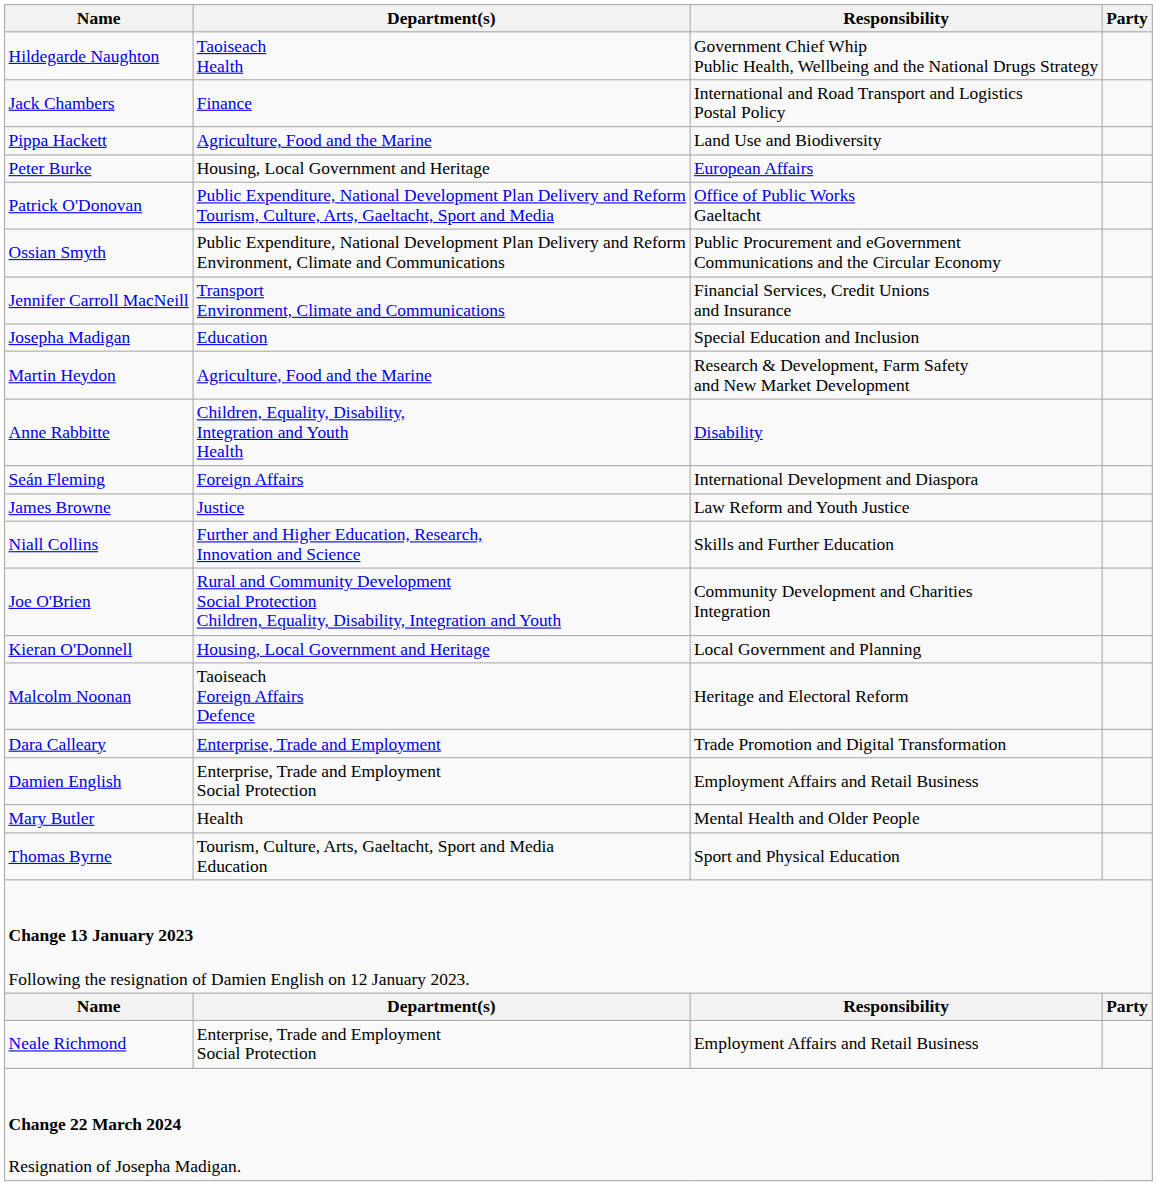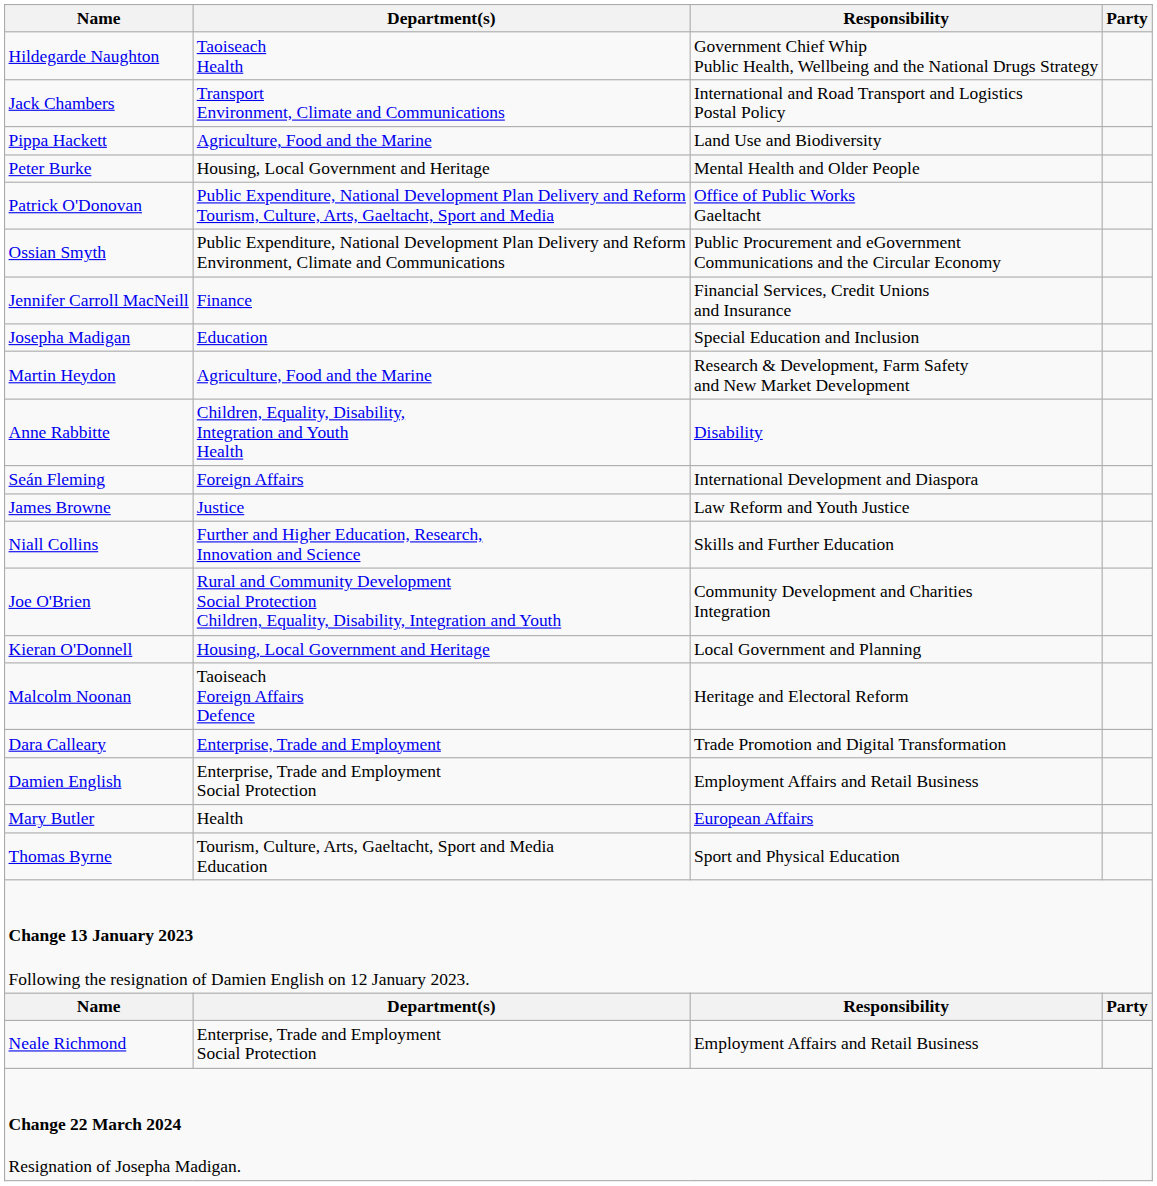 <table class="wikitable">
 <tr>
 <th>Name</th>
 <th>Department(s)</th>
 <th>Responsibility</th>
 <th colspan="2">Party</th>
 </tr>
 <tr>
 <td><a href='#'>Hildegarde Naughton</a><br></td>
 <td><a href='#'>Taoiseach</a><br><a href='#'>Health</a></td>
 <td>Government Chief Whip<br>Public Health, Wellbeing and the National Drugs Strategy</td>
 <td></td>
 </tr>
 <tr>
 <td><a href='#'>Jack Chambers</a><br></td>
-<td><a href='#'>Finance</a></td>
+<td><a href='#'>Transport</a><br><a href='#'>Environment, Climate and Communications</a></td>
 <td>International and Road Transport and Logistics<br>Postal Policy</td>
 <td></td>
 </tr>
 <tr>
 <td><a href='#'>Pippa Hackett</a><br></td>
 <td><a href='#'>Agriculture, Food and the Marine</a></td>
 <td>Land Use and Biodiversity</td>
 <td></td>
 </tr>
 <tr>
 <td><a href='#'>Peter Burke</a></td>
 <td>Housing, Local Government and Heritage</td>
-<td><a href='#'>European Affairs</a></td>
+<td>Mental Health and Older People</td>
 <td></td>
 </tr>
 <tr>
 <td><a href='#'>Patrick O'Donovan</a></td>
 <td><a href='#'>Public Expenditure, National Development Plan Delivery and Reform</a><br><a href='#'>Tourism, Culture, Arts, Gaeltacht, Sport and Media</a></td>
 <td><a href='#'>Office of Public Works</a><br>Gaeltacht</td>
 <td></td>
 </tr>
 <tr>
 <td><a href='#'>Ossian Smyth</a></td>
 <td>Public Expenditure, National Development Plan Delivery and Reform<br>Environment, Climate and Communications</td>
 <td>Public Procurement and eGovernment<br>Communications and the Circular Economy</td>
 <td></td>
 </tr>
 <tr>
 <td><a href='#'>Jennifer Carroll MacNeill</a></td>
-<td><a href='#'>Transport</a><br><a href='#'>Environment, Climate and Communications</a></td>
+<td><a href='#'>Finance</a></td>
 <td>Financial Services, Credit Unions<br>and Insurance</td>
 <td></td>
 </tr>
 <tr>
 <td><a href='#'>Josepha Madigan</a></td>
 <td><a href='#'>Education</a></td>
 <td>Special Education and Inclusion</td>
 <td></td>
 </tr>
 <tr>
 <td><a href='#'>Martin Heydon</a></td>
 <td><a href='#'>Agriculture, Food and the Marine</a></td>
 <td>Research & Development, Farm Safety<br>and New Market Development</td>
 <td></td>
 </tr>
 <tr>
 <td><a href='#'>Anne Rabbitte</a></td>
 <td><a href='#'>Children, Equality, Disability,<br>Integration and Youth</a><br><a href='#'>Health</a></td>
 <td><a href='#'>Disability</a></td>
 <td></td>
 </tr>
 <tr>
 <td><a href='#'>Seán Fleming</a></td>
 <td><a href='#'>Foreign Affairs</a></td>
 <td>International Development and Diaspora</td>
 <td></td>
 </tr>
 <tr>
 <td><a href='#'>James Browne</a></td>
 <td><a href='#'>Justice</a></td>
 <td>Law Reform and Youth Justice</td>
 <td></td>
 </tr>
 <tr>
 <td><a href='#'>Niall Collins</a></td>
 <td><a href='#'>Further and Higher Education, Research,<br>Innovation and Science</a></td>
 <td>Skills and Further Education</td>
 <td></td>
 </tr>
 <tr>
 <td><a href='#'>Joe O'Brien</a></td>
 <td><a href='#'>Rural and Community Development</a><br><a href='#'>Social Protection</a><br><a href='#'>Children, Equality, Disability, Integration and Youth</a></td>
 <td>Community Development and Charities<br>Integration</td>
 <td></td>
 </tr>
 <tr>
 <td><a href='#'>Kieran O'Donnell</a></td>
 <td><a href='#'>Housing, Local Government and Heritage</a></td>
 <td>Local Government and Planning</td>
 <td></td>
 </tr>
 <tr>
 <td><a href='#'>Malcolm Noonan</a></td>
 <td>Taoiseach<br><a href='#'>Foreign Affairs</a><br><a href='#'>Defence</a></td>
 <td>Heritage and Electoral Reform</td>
 <td></td>
 </tr>
 <tr>
 <td><a href='#'>Dara Calleary</a></td>
 <td><a href='#'>Enterprise, Trade and Employment</a></td>
 <td>Trade Promotion and Digital Transformation</td>
 <td></td>
 </tr>
 <tr>
 <td><a href='#'>Damien English</a></td>
 <td>Enterprise, Trade and Employment<br>Social Protection</td>
 <td>Employment Affairs and Retail Business</td>
 <td></td>
 </tr>
 <tr>
 <td><a href='#'>Mary Butler</a></td>
 <td>Health</td>
-<td>Mental Health and Older People</td>
+<td><a href='#'>European Affairs</a></td>
 <td></td>
 </tr>
 <tr>
 <td><a href='#'>Thomas Byrne</a></td>
 <td>Tourism, Culture, Arts, Gaeltacht, Sport and Media<br>Education</td>
 <td>Sport and Physical Education</td>
 <td></td>
 </tr>
 <tr>
 <td colspan="5"><br><h4>Change 13 January 2023</h4>Following the resignation of Damien English on 12 January 2023.</td>
 </tr>
 <tr>
 <th>Name</th>
 <th>Department(s)</th>
 <th>Responsibility</th>
 <th colspan="2">Party</th>
 </tr>
 <tr>
 <td><a href='#'>Neale Richmond</a></td>
 <td>Enterprise, Trade and Employment<br>Social Protection</td>
 <td>Employment Affairs and Retail Business</td>
 <td></td>
 </tr>
 <tr>
 <td colspan="5"><br><h4>Change 22 March 2024</h4>Resignation of Josepha Madigan.</td>
 </tr>
 </table>
